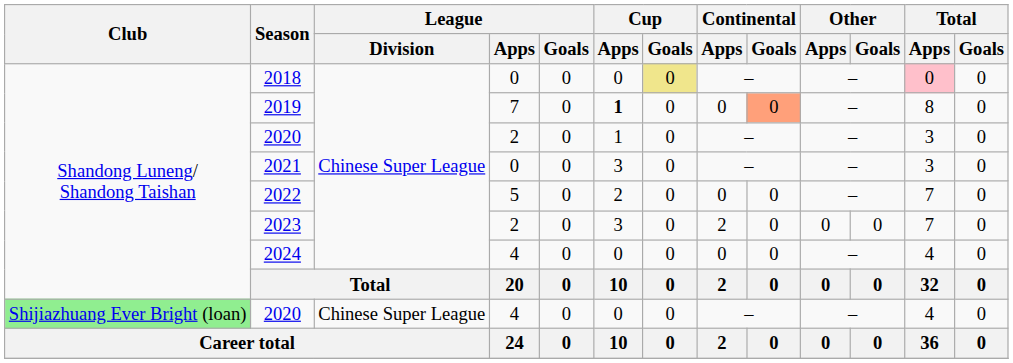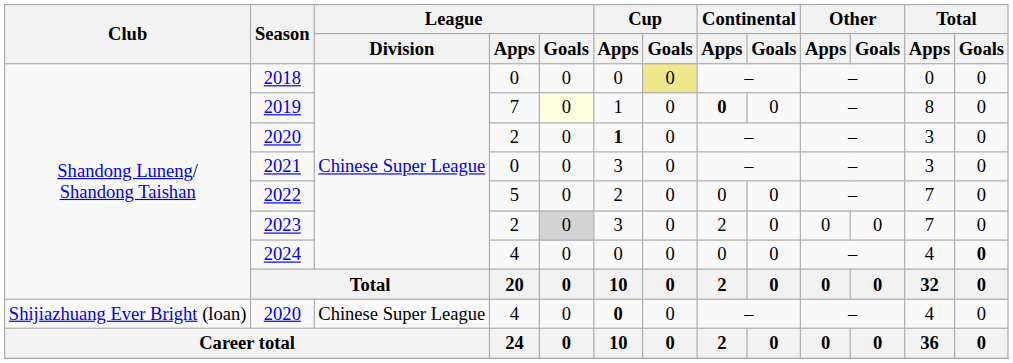 <table class="wikitable" style="text-align: center">
 <tr>
 <th rowspan="2">Club</th>
 <th rowspan="2">Season</th>
 <th colspan="3">League</th>
 <th colspan="2">Cup</th>
 <th colspan="2">Continental</th>
 <th colspan="2">Other</th>
 <th colspan="2">Total</th>
 </tr>
 <tr>
 <th>Division</th>
 <th>Apps</th>
 <th>Goals</th>
 <th>Apps</th>
 <th>Goals</th>
 <th>Apps</th>
 <th>Goals</th>
 <th>Apps</th>
 <th>Goals</th>
 <th>Apps</th>
 <th>Goals</th>
 </tr>
 <tr>
 <td rowspan="8"><a href='#'>Shandong Luneng</a>/<br><a href='#'>Shandong Taishan</a></td>
 <td><a href='#'>2018</a></td>
 <td rowspan="7"><a href='#'>Chinese Super League</a></td>
 <td>0</td>
 <td>0</td>
 <td>0</td>
 <td style="background: khaki;">0</td>
 <td colspan="2">–</td>
 <td colspan="2">–</td>
-<td style="background: pink;">0</td>
+<td>0</td>
 <td>0</td>
 </tr>
 <tr>
 <td><a href='#'>2019</a></td>
 <td>7</td>
+<td style="background: lightyellow;">0</td>
+<td>1</td>
 <td>0</td>
-<td><strong>1</strong></td>
+<td><strong>0</strong></td>
 <td>0</td>
-<td>0</td>
-<td style="background: lightsalmon;">0</td>
 <td colspan="2">–</td>
 <td>8</td>
 <td>0</td>
 </tr>
 <tr>
 <td><a href='#'>2020</a></td>
 <td>2</td>
 <td>0</td>
-<td>1</td>
+<td><strong>1</strong></td>
 <td>0</td>
 <td colspan="2">–</td>
 <td colspan="2">–</td>
 <td>3</td>
 <td>0</td>
 </tr>
 <tr>
 <td><a href='#'>2021</a></td>
 <td>0</td>
 <td>0</td>
 <td>3</td>
 <td>0</td>
 <td colspan="2">–</td>
 <td colspan="2">–</td>
 <td>3</td>
 <td>0</td>
 </tr>
 <tr>
 <td><a href='#'>2022</a></td>
 <td>5</td>
 <td>0</td>
 <td>2</td>
 <td>0</td>
 <td>0</td>
 <td>0</td>
 <td colspan="2">–</td>
 <td>7</td>
 <td>0</td>
 </tr>
 <tr>
 <td><a href='#'>2023</a></td>
 <td>2</td>
-<td>0</td>
+<td style="background: lightgrey;">0</td>
 <td>3</td>
 <td>0</td>
 <td>2</td>
 <td>0</td>
 <td>0</td>
 <td>0</td>
 <td>7</td>
 <td>0</td>
 </tr>
 <tr>
 <td><a href='#'>2024</a></td>
 <td>4</td>
 <td>0</td>
 <td>0</td>
 <td>0</td>
 <td>0</td>
 <td>0</td>
 <td colspan="2">–</td>
 <td>4</td>
-<td>0</td>
+<td><strong>0</strong></td>
 </tr>
 <tr>
 <th colspan=2>Total</th>
 <th>20</th>
 <th>0</th>
 <th>10</th>
 <th>0</th>
 <th>2</th>
 <th>0</th>
 <th>0</th>
 <th>0</th>
 <th>32</th>
 <th>0</th>
 </tr>
 <tr>
-<td style="background: lightgreen;"><a href='#'>Shijiazhuang Ever Bright</a> (loan)</td>
+<td><a href='#'>Shijiazhuang Ever Bright</a> (loan)</td>
 <td><a href='#'>2020</a></td>
 <td>Chinese Super League</td>
 <td>4</td>
 <td>0</td>
-<td>0</td>
+<td><strong>0</strong></td>
 <td>0</td>
 <td colspan="2">–</td>
 <td colspan="2">–</td>
 <td>4</td>
 <td>0</td>
 </tr>
 <tr>
 <th colspan=3>Career total</th>
 <th>24</th>
 <th>0</th>
 <th>10</th>
 <th>0</th>
 <th>2</th>
 <th>0</th>
 <th>0</th>
 <th>0</th>
 <th>36</th>
 <th>0</th>
 </tr>
 <tr>
 </tr>
 </table>
